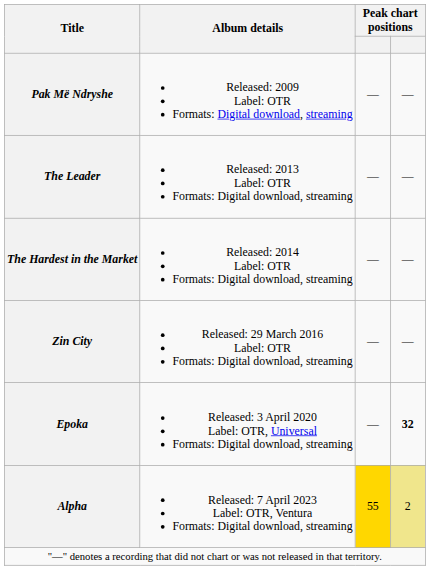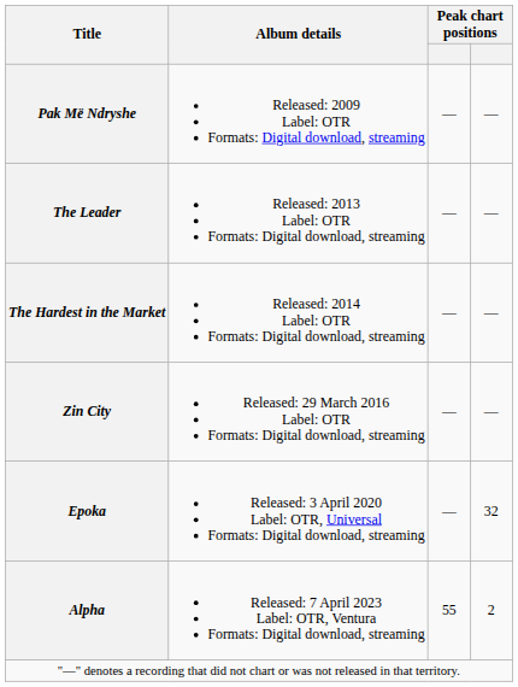 <table class="wikitable plainrowheaders" style="text-align:center;">
 <tr>
 <th scope="col" rowspan="2">Title</th>
 <th scope="col" rowspan="2">Album details</th>
 <th scope="col" colspan="2">Peak chart positions</th>
 </tr>
 <tr>
 <th style="width:3em; font-size:85%;"><a href='#'></a><br></th>
 <th style="width:3em; font-size:85%;"><a href='#'></a><br></th>
 </tr>
 <tr>
 <th scope="row"><em>Pak Më Ndryshe</em></th>
 <td><br><ul><li>Released: 2009</li><li>Label: OTR</li><li>Formats: <a href='#'>Digital download</a>, <a href='#'>streaming</a></li></ul></td>
 <td>—</td>
 <td>—</td>
 </tr>
 <tr>
 <th scope="row"><em>The Leader</em></th>
 <td><br><ul><li>Released: 2013</li><li>Label: OTR</li><li>Formats: Digital download, streaming</li></ul></td>
 <td>—</td>
 <td>—</td>
 </tr>
 <tr>
 <th scope="row"><em>The Hardest in the Market</em></th>
 <td><br><ul><li>Released: 2014</li><li>Label: OTR</li><li>Formats: Digital download, streaming</li></ul></td>
 <td>—</td>
 <td>—</td>
 </tr>
 <tr>
 <th scope="row"><em>Zin City</em></th>
 <td><br><ul><li>Released: 29 March 2016</li><li>Label: OTR</li><li>Formats: Digital download, streaming</li></ul></td>
 <td>—</td>
 <td>—</td>
 </tr>
 <tr>
 <th scope="row"><em>Epoka</em></th>
 <td><br><ul><li>Released: 3 April 2020</li><li>Label: OTR, <a href='#'>Universal</a></li><li>Formats: Digital download, streaming</li></ul></td>
 <td>—</td>
-<td><strong>32</strong></td>
+<td>32</td>
 </tr>
 <tr>
 <th scope="row"><em>Alpha</em></th>
 <td><br><ul><li>Released: 7 April 2023</li><li>Label: OTR, Ventura</li><li>Formats: Digital download, streaming</li></ul></td>
-<td style="background: gold;">55</td>
-<td style="background: khaki;">2</td>
+<td>55</td>
+<td>2</td>
 </tr>
 <tr>
 <td colspan="11" style="font-size:90%">"—" denotes a recording that did not chart or was not released in that territory.</td>
 </tr>
 </table>
